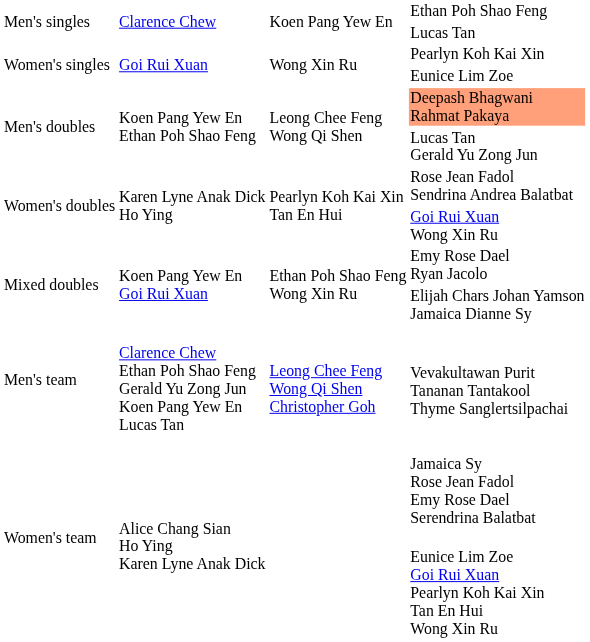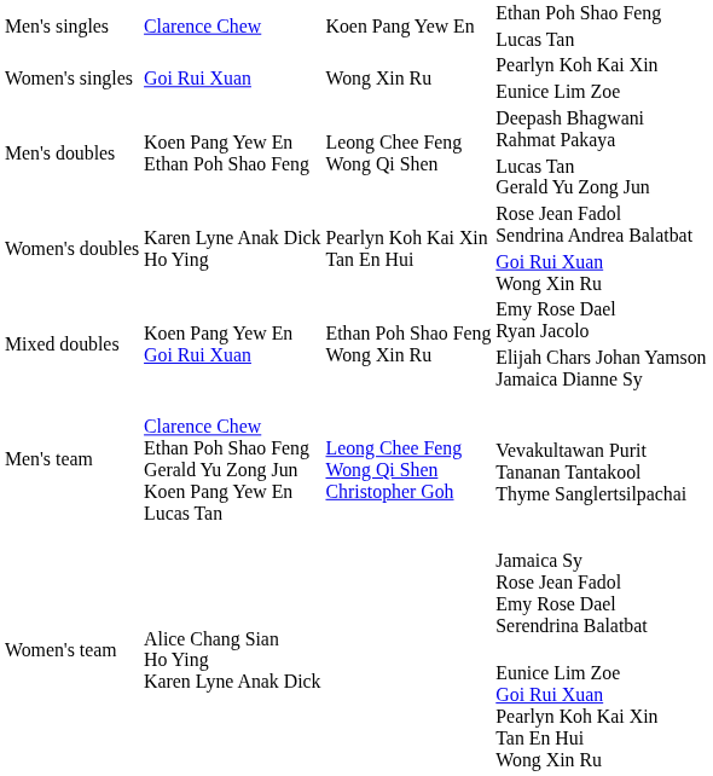 <table>
 <tr>
 <td rowspan=2>Men's singles <br></td>
 <td rowspan=2> <a href='#'>Clarence Chew</a></td>
 <td rowspan=2> Koen Pang Yew En</td>
 <td> Ethan Poh Shao Feng</td>
 </tr>
 <tr>
 <td> Lucas Tan</td>
 </tr>
 <tr>
 <td rowspan=2>Women's singles <br></td>
 <td rowspan=2> <a href='#'>Goi Rui Xuan</a></td>
 <td rowspan=2> Wong Xin Ru</td>
 <td> Pearlyn Koh Kai Xin</td>
 </tr>
 <tr>
 <td> Eunice Lim Zoe</td>
 </tr>
 <tr>
 <td rowspan=2>Men's doubles <br></td>
 <td rowspan=2> Koen Pang Yew En<br> Ethan Poh Shao Feng</td>
 <td rowspan=2> Leong Chee Feng<br> Wong Qi Shen</td>
-<td style="background: lightsalmon;"> Deepash Bhagwani<br> Rahmat Pakaya</td>
+<td> Deepash Bhagwani<br> Rahmat Pakaya</td>
 </tr>
 <tr>
 <td> Lucas Tan<br> Gerald Yu Zong Jun</td>
 </tr>
 <tr>
 <td rowspan=2>Women's doubles <br></td>
 <td rowspan=2> Karen Lyne Anak Dick<br> Ho Ying</td>
 <td rowspan=2> Pearlyn Koh Kai Xin<br>  Tan En Hui</td>
 <td> Rose Jean Fadol<br>  Sendrina Andrea Balatbat</td>
 </tr>
 <tr>
 <td> <a href='#'>Goi Rui Xuan</a> <br> Wong Xin Ru</td>
 </tr>
 <tr>
 <td rowspan=2>Mixed doubles <br></td>
 <td rowspan=2> Koen Pang Yew En<br> <a href='#'>Goi Rui Xuan</a></td>
 <td rowspan=2> Ethan Poh Shao Feng<br> Wong Xin Ru</td>
 <td> Emy Rose Dael<br> Ryan Jacolo</td>
 </tr>
 <tr>
 <td> Elijah Chars Johan Yamson<br> Jamaica Dianne Sy</td>
 </tr>
 <tr>
 <td rowspan=2>Men's team <br></td>
 <td rowspan=2><br><a href='#'>Clarence Chew</a><br>Ethan Poh Shao Feng<br>Gerald Yu Zong Jun<br>Koen Pang Yew En<br>Lucas Tan</td>
 <td rowspan=2><br><a href='#'>Leong Chee Feng</a><br><a href='#'>Wong Qi Shen</a><br><a href='#'>Christopher Goh</a><br></td>
 <td></td>
 </tr>
 <tr>
 <td><br>Vevakultawan Purit<br>Tananan Tantakool<br>Thyme Sanglertsilpachai</td>
 </tr>
 <tr>
 <td rowspan=2>Women's team <br></td>
 <td rowspan=2><br>Alice Chang Sian<br>Ho Ying<br>Karen Lyne Anak Dick</td>
 <td rowspan=2></td>
 <td><br>Jamaica Sy<br>Rose Jean Fadol<br>Emy Rose Dael<br>Serendrina Balatbat</td>
 </tr>
 <tr>
 <td><br>Eunice Lim Zoe<br><a href='#'>Goi Rui Xuan</a><br>Pearlyn Koh Kai Xin<br>Tan En Hui<br>Wong Xin Ru</td>
 </tr>
 </table>
